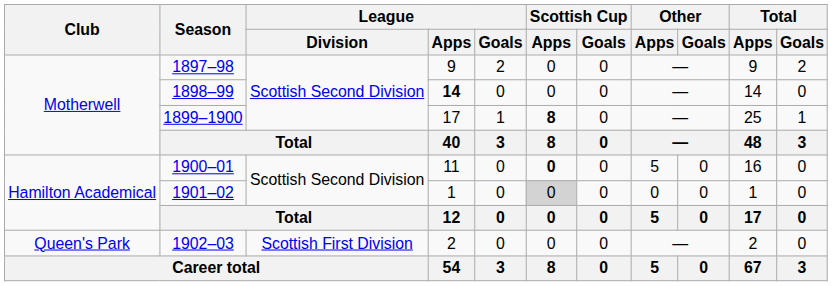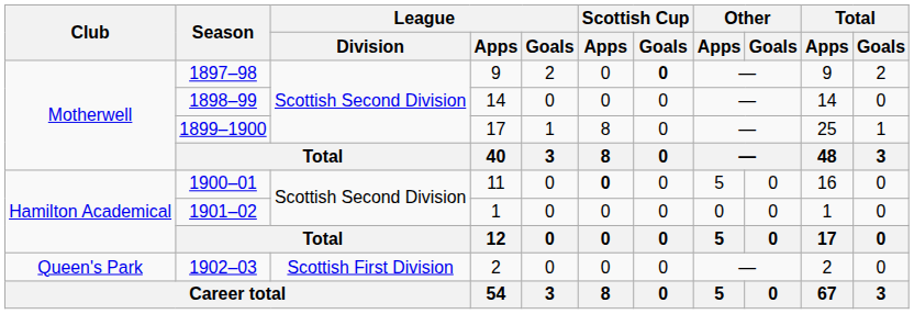 <table class="wikitable" style="text-align: center;">
 <tr>
 <th rowspan="2">Club</th>
 <th rowspan="2">Season</th>
 <th colspan="3">League</th>
 <th colspan="2">Scottish Cup</th>
 <th colspan="2">Other</th>
 <th colspan="2">Total</th>
 </tr>
 <tr>
 <th>Division</th>
 <th>Apps</th>
 <th>Goals</th>
 <th>Apps</th>
 <th>Goals</th>
 <th>Apps</th>
 <th>Goals</th>
 <th>Apps</th>
 <th>Goals</th>
 </tr>
 <tr>
 <td rowspan="4"><a href='#'>Motherwell</a></td>
 <td><a href='#'>1897–98</a></td>
 <td rowspan="3"><a href='#'>Scottish Second Division</a></td>
 <td>9</td>
 <td>2</td>
 <td>0</td>
-<td>0</td>
+<td><strong>0</strong></td>
 <td colspan="2">—</td>
 <td>9</td>
 <td>2</td>
 </tr>
 <tr>
 <td><a href='#'>1898–99</a></td>
-<td><strong>14</strong></td>
+<td>14</td>
 <td>0</td>
 <td>0</td>
 <td>0</td>
 <td colspan="2">—</td>
 <td>14</td>
 <td>0</td>
 </tr>
 <tr>
 <td><a href='#'>1899–1900</a></td>
 <td>17</td>
 <td>1</td>
-<td><strong>8</strong></td>
+<td>8</td>
 <td>0</td>
 <td colspan="2">—</td>
 <td>25</td>
 <td>1</td>
 </tr>
 <tr>
 <th colspan="2">Total</th>
 <th>40</th>
 <th>3</th>
 <th>8</th>
 <th>0</th>
 <th colspan="2">—</th>
 <th>48</th>
 <th>3</th>
 </tr>
 <tr>
 <td rowspan="3"><a href='#'>Hamilton Academical</a></td>
 <td><a href='#'>1900–01</a></td>
 <td rowspan="2">Scottish Second Division</td>
 <td>11</td>
 <td>0</td>
 <td><strong>0</strong></td>
 <td>0</td>
 <td>5</td>
 <td>0</td>
 <td>16</td>
 <td>0</td>
 </tr>
 <tr>
 <td><a href='#'>1901–02</a></td>
 <td>1</td>
 <td>0</td>
-<td style="background: lightgrey;">0</td>
+<td>0</td>
 <td>0</td>
 <td>0</td>
 <td>0</td>
 <td>1</td>
 <td>0</td>
 </tr>
 <tr>
 <th colspan="2">Total</th>
 <th>12</th>
 <th>0</th>
 <th>0</th>
 <th>0</th>
 <th>5</th>
 <th>0</th>
 <th>17</th>
 <th>0</th>
 </tr>
 <tr>
 <td><a href='#'>Queen's Park</a></td>
 <td><a href='#'>1902–03</a></td>
 <td><a href='#'>Scottish First Division</a></td>
 <td>2</td>
 <td>0</td>
 <td>0</td>
 <td>0</td>
 <td colspan="2">—</td>
 <td>2</td>
 <td>0</td>
 </tr>
 <tr>
 <th colspan="3">Career total</th>
 <th>54</th>
 <th>3</th>
 <th>8</th>
 <th>0</th>
 <th>5</th>
 <th>0</th>
 <th>67</th>
 <th>3</th>
 </tr>
 </table>
